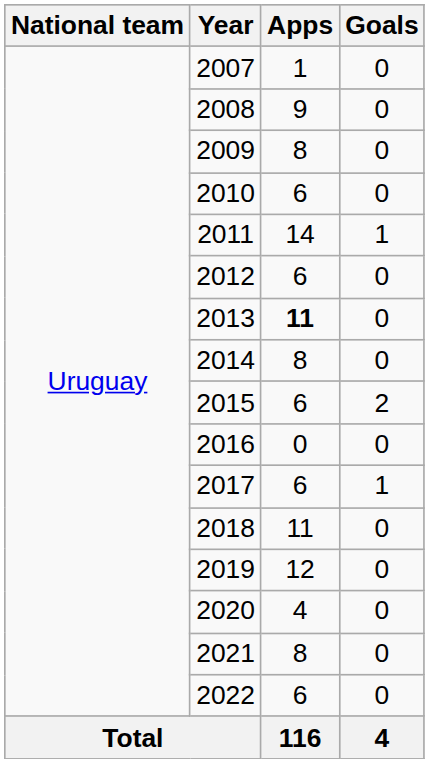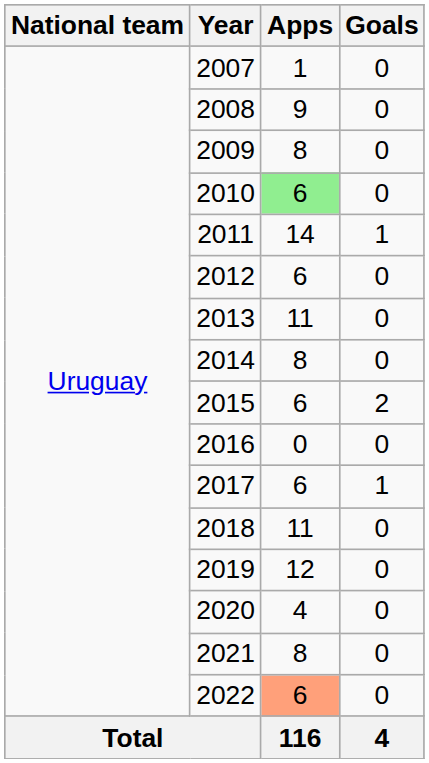 <table class="wikitable" style="text-align:center">
 <tr>
 <th>National team</th>
 <th>Year</th>
 <th>Apps</th>
 <th>Goals</th>
 </tr>
 <tr>
 <td rowspan="16"><a href='#'>Uruguay</a></td>
 <td>2007</td>
 <td>1</td>
 <td>0</td>
 </tr>
 <tr>
 <td>2008</td>
 <td>9</td>
 <td>0</td>
 </tr>
 <tr>
 <td>2009</td>
 <td>8</td>
 <td>0</td>
 </tr>
 <tr>
 <td>2010</td>
-<td>6</td>
+<td style="background: lightgreen;">6</td>
 <td>0</td>
 </tr>
 <tr>
 <td>2011</td>
 <td>14</td>
 <td>1</td>
 </tr>
 <tr>
 <td>2012</td>
 <td>6</td>
 <td>0</td>
 </tr>
 <tr>
 <td>2013</td>
-<td><strong>11</strong></td>
+<td>11</td>
 <td>0</td>
 </tr>
 <tr>
 <td>2014</td>
 <td>8</td>
 <td>0</td>
 </tr>
 <tr>
 <td>2015</td>
 <td>6</td>
 <td>2</td>
 </tr>
 <tr>
 <td>2016</td>
 <td>0</td>
 <td>0</td>
 </tr>
 <tr>
 <td>2017</td>
 <td>6</td>
 <td>1</td>
 </tr>
 <tr>
 <td>2018</td>
 <td>11</td>
 <td>0</td>
 </tr>
 <tr>
 <td>2019</td>
 <td>12</td>
 <td>0</td>
 </tr>
 <tr>
 <td>2020</td>
 <td>4</td>
 <td>0</td>
 </tr>
 <tr>
 <td>2021</td>
 <td>8</td>
 <td>0</td>
 </tr>
 <tr>
 <td>2022</td>
-<td>6</td>
+<td style="background: lightsalmon;">6</td>
 <td>0</td>
 </tr>
 <tr>
 <th colspan="2">Total</th>
 <th>116</th>
 <th>4</th>
 </tr>
 </table>
